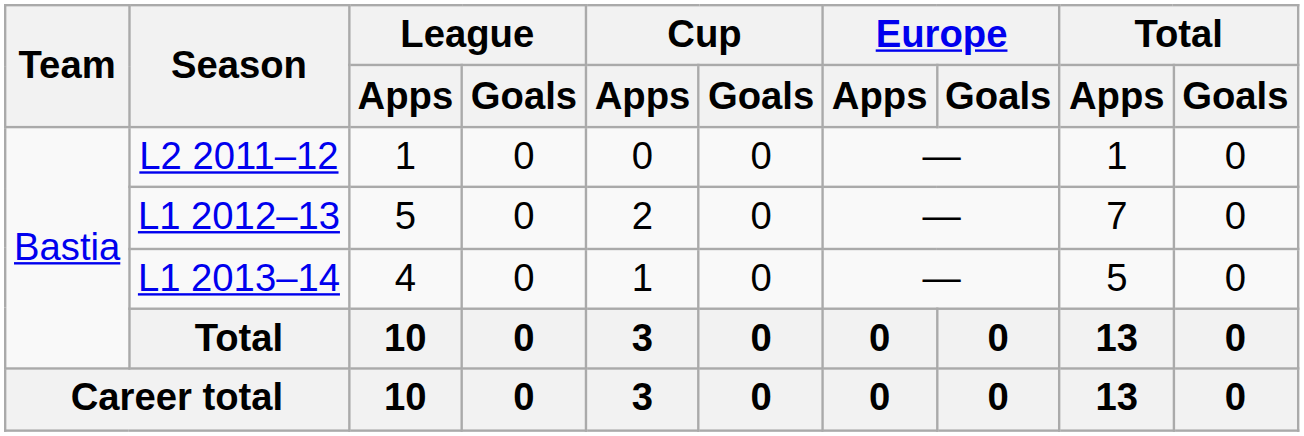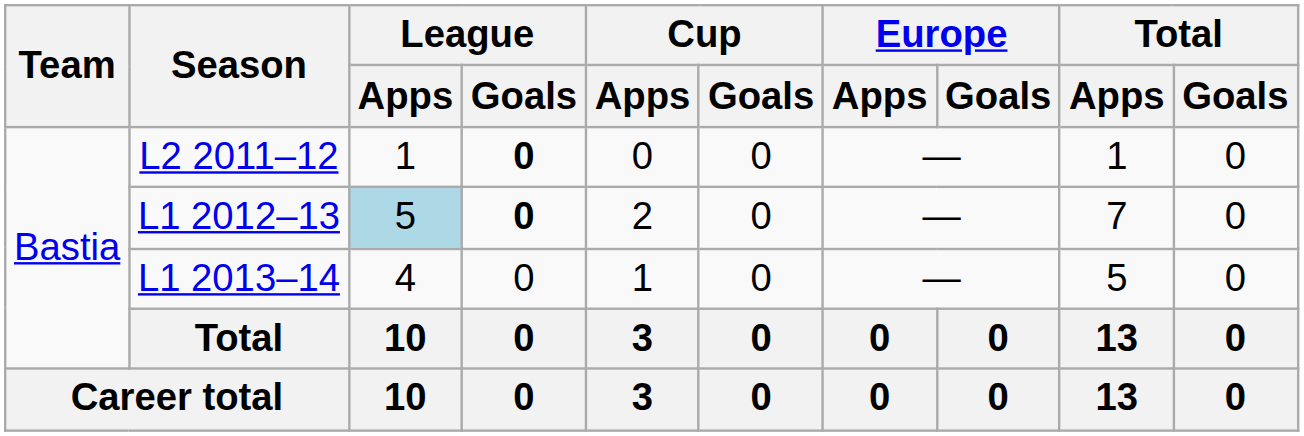 <table class="wikitable" style="text-align: center">
 <tr>
 <th rowspan="2">Team</th>
 <th rowspan="2">Season</th>
 <th colspan="2">League</th>
 <th colspan="2">Cup</th>
 <th colspan="2"><a href='#'>Europe</a></th>
 <th colspan="2">Total</th>
 </tr>
 <tr>
 <th>Apps</th>
 <th>Goals</th>
 <th>Apps</th>
 <th>Goals</th>
 <th>Apps</th>
 <th>Goals</th>
 <th>Apps</th>
 <th>Goals</th>
 </tr>
 <tr>
 <td rowspan="4"><a href='#'>Bastia</a></td>
 <td><a href='#'>L2 2011–12</a></td>
 <td>1</td>
-<td>0</td>
+<td><strong>0</strong></td>
 <td>0</td>
 <td>0</td>
 <td colspan="2">—</td>
 <td>1</td>
 <td>0</td>
 </tr>
 <tr>
 <td><a href='#'>L1 2012–13</a></td>
-<td>5</td>
-<td>0</td>
+<td style="background: lightblue;">5</td>
+<td><strong>0</strong></td>
 <td>2</td>
 <td>0</td>
 <td colspan="2">—</td>
 <td>7</td>
 <td>0</td>
 </tr>
 <tr>
 <td><a href='#'>L1 2013–14</a></td>
 <td>4</td>
 <td>0</td>
 <td>1</td>
 <td>0</td>
 <td colspan="2">—</td>
 <td>5</td>
 <td>0</td>
 </tr>
 <tr>
 <th colspan="1">Total</th>
 <th>10</th>
 <th>0</th>
 <th>3</th>
 <th>0</th>
 <th>0</th>
 <th>0</th>
 <th>13</th>
 <th>0</th>
 </tr>
 <tr>
 <th colspan="2">Career total</th>
 <th>10</th>
 <th>0</th>
 <th>3</th>
 <th>0</th>
 <th>0</th>
 <th>0</th>
 <th>13</th>
 <th>0</th>
 </tr>
 </table>
